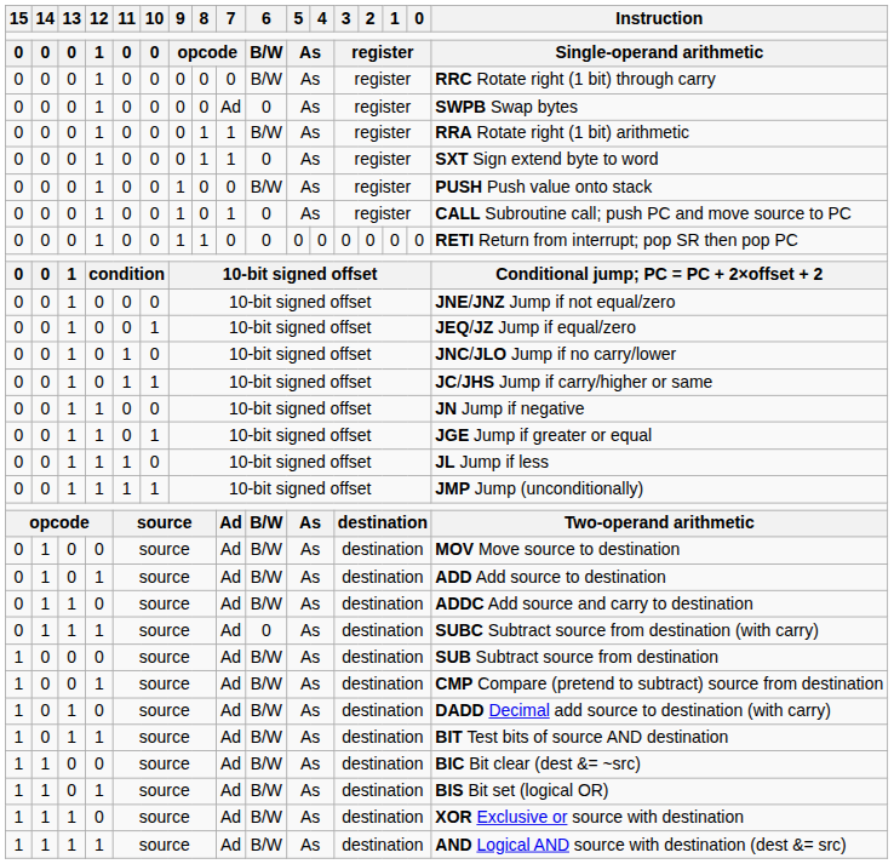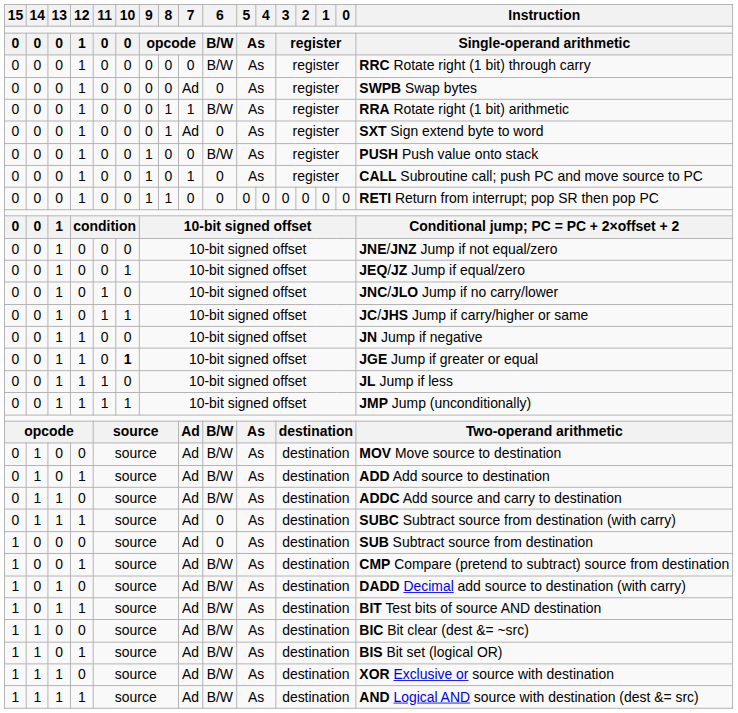 <table class="wikitable" style="text-align:center">
 <tr>
 <th width=15pt>15</th>
 <th width=15pt>14</th>
 <th width=15pt>13</th>
 <th width=15pt>12</th>
 <th width=15pt>11</th>
 <th width=15pt>10</th>
 <th width=15pt>9</th>
 <th width=15pt>8</th>
 <th width=15pt>7</th>
 <th width=15pt>6</th>
 <th width=15pt>5</th>
 <th width=15pt>4</th>
 <th width=15pt>3</th>
 <th width=15pt>2</th>
 <th width=15pt>1</th>
 <th width=15pt>0</th>
 <th>Instruction</th>
 </tr>
 <tr>
 <td colspan=17></td>
 </tr>
 <tr>
 <th>0</th>
 <th>0</th>
 <th>0</th>
 <th>1</th>
 <th>0</th>
 <th>0</th>
 <th colspan=3>opcode</th>
 <th>B/W</th>
 <th colspan=2>As</th>
 <th colspan=4>register</th>
 <th>Single-operand arithmetic</th>
 </tr>
 <tr>
 <td>0</td>
 <td>0</td>
 <td>0</td>
 <td>1</td>
 <td>0</td>
 <td>0</td>
 <td>0</td>
 <td>0</td>
 <td>0</td>
 <td>B/W</td>
 <td colspan=2>As</td>
 <td colspan=4>register</td>
 <td align=left><strong>RRC</strong> Rotate right (1 bit) through carry</td>
 </tr>
 <tr>
 <td>0</td>
 <td>0</td>
 <td>0</td>
 <td>1</td>
 <td>0</td>
 <td>0</td>
 <td>0</td>
 <td>0</td>
 <td>Ad</td>
 <td>0</td>
 <td colspan=2>As</td>
 <td colspan=4>register</td>
 <td align=left><strong>SWPB</strong> Swap bytes</td>
 </tr>
 <tr>
 <td>0</td>
 <td>0</td>
 <td>0</td>
 <td>1</td>
 <td>0</td>
 <td>0</td>
 <td>0</td>
 <td>1</td>
 <td>1</td>
 <td>B/W</td>
 <td colspan=2>As</td>
 <td colspan=4>register</td>
 <td align=left><strong>RRA</strong> Rotate right (1 bit) arithmetic</td>
 </tr>
 <tr>
 <td>0</td>
 <td>0</td>
 <td>0</td>
 <td>1</td>
 <td>0</td>
 <td>0</td>
 <td>0</td>
 <td>1</td>
-<td>1</td>
+<td>Ad</td>
 <td>0</td>
 <td colspan=2>As</td>
 <td colspan=4>register</td>
 <td align=left><strong>SXT</strong> Sign extend byte to word</td>
 </tr>
 <tr>
 <td>0</td>
 <td>0</td>
 <td>0</td>
 <td>1</td>
 <td>0</td>
 <td>0</td>
 <td>1</td>
 <td>0</td>
 <td>0</td>
 <td>B/W</td>
 <td colspan=2>As</td>
 <td colspan=4>register</td>
 <td align=left><strong>PUSH</strong> Push value onto stack</td>
 </tr>
 <tr>
 <td>0</td>
 <td>0</td>
 <td>0</td>
 <td>1</td>
 <td>0</td>
 <td>0</td>
 <td>1</td>
 <td>0</td>
 <td>1</td>
 <td>0</td>
 <td colspan=2>As</td>
 <td colspan=4>register</td>
 <td align=left><strong>CALL</strong> Subroutine call; push PC and move source to PC</td>
 </tr>
 <tr>
 <td>0</td>
 <td>0</td>
 <td>0</td>
 <td>1</td>
 <td>0</td>
 <td>0</td>
 <td>1</td>
 <td>1</td>
 <td>0</td>
 <td>0</td>
 <td>0</td>
 <td>0</td>
 <td>0</td>
 <td>0</td>
 <td>0</td>
 <td>0</td>
 <td align=left><strong>RETI</strong> Return from interrupt; pop SR then pop PC</td>
 </tr>
 <tr>
 <td colspan=17></td>
 </tr>
 <tr>
 <th>0</th>
 <th>0</th>
 <th>1</th>
 <th colspan=3>condition</th>
 <th colspan=10>10-bit signed offset</th>
 <th>Conditional jump; PC = PC + 2×offset + 2</th>
 </tr>
 <tr>
 <td>0</td>
 <td>0</td>
 <td>1</td>
 <td>0</td>
 <td>0</td>
 <td>0</td>
 <td colspan=10>10-bit signed offset</td>
 <td align=left><strong>JNE</strong>/<strong>JNZ</strong> Jump if not equal/zero</td>
 </tr>
 <tr>
 <td>0</td>
 <td>0</td>
 <td>1</td>
 <td>0</td>
 <td>0</td>
 <td>1</td>
 <td colspan=10>10-bit signed offset</td>
 <td align=left><strong>JEQ</strong>/<strong>JZ</strong> Jump if equal/zero</td>
 </tr>
 <tr>
 <td>0</td>
 <td>0</td>
 <td>1</td>
 <td>0</td>
 <td>1</td>
 <td>0</td>
 <td colspan=10>10-bit signed offset</td>
 <td align=left><strong>JNC</strong>/<strong>JLO</strong> Jump if no carry/lower</td>
 </tr>
 <tr>
 <td>0</td>
 <td>0</td>
 <td>1</td>
 <td>0</td>
 <td>1</td>
 <td>1</td>
 <td colspan=10>10-bit signed offset</td>
 <td align=left><strong>JC</strong>/<strong>JHS</strong> Jump if carry/higher or same</td>
 </tr>
 <tr>
 <td>0</td>
 <td>0</td>
 <td>1</td>
 <td>1</td>
 <td>0</td>
 <td>0</td>
 <td colspan=10>10-bit signed offset</td>
 <td align=left><strong>JN</strong> Jump if negative</td>
 </tr>
 <tr>
 <td>0</td>
 <td>0</td>
 <td>1</td>
 <td>1</td>
 <td>0</td>
-<td>1</td>
+<td><strong>1</strong></td>
 <td colspan=10>10-bit signed offset</td>
 <td align=left><strong>JGE</strong> Jump if greater or equal</td>
 </tr>
 <tr>
 <td>0</td>
 <td>0</td>
 <td>1</td>
 <td>1</td>
 <td>1</td>
 <td>0</td>
 <td colspan=10>10-bit signed offset</td>
 <td align=left><strong>JL</strong> Jump if less</td>
 </tr>
 <tr>
 <td>0</td>
 <td>0</td>
 <td>1</td>
 <td>1</td>
 <td>1</td>
 <td>1</td>
 <td colspan=10>10-bit signed offset</td>
 <td align=left><strong>JMP</strong> Jump (unconditionally)</td>
 </tr>
 <tr>
 <td colspan=17></td>
 </tr>
 <tr>
 <th colspan=4>opcode</th>
 <th colspan=4>source</th>
 <th>Ad</th>
 <th>B/W</th>
 <th colspan=2>As</th>
 <th colspan=4>destination</th>
 <th>Two-operand arithmetic</th>
 </tr>
 <tr>
 <td>0</td>
 <td>1</td>
 <td>0</td>
 <td>0</td>
 <td colspan=4>source</td>
 <td>Ad</td>
 <td>B/W</td>
 <td colspan=2>As</td>
 <td colspan=4>destination</td>
 <td align=left><strong>MOV</strong> Move source to destination</td>
 </tr>
 <tr>
 <td>0</td>
 <td>1</td>
 <td>0</td>
 <td>1</td>
 <td colspan=4>source</td>
 <td>Ad</td>
 <td>B/W</td>
 <td colspan=2>As</td>
 <td colspan=4>destination</td>
 <td align=left><strong>ADD</strong> Add source to destination</td>
 </tr>
 <tr>
 <td>0</td>
 <td>1</td>
 <td>1</td>
 <td>0</td>
 <td colspan=4>source</td>
 <td>Ad</td>
 <td>B/W</td>
 <td colspan=2>As</td>
 <td colspan=4>destination</td>
 <td align=left><strong>ADDC</strong> Add source and carry to destination</td>
 </tr>
 <tr>
 <td>0</td>
 <td>1</td>
 <td>1</td>
 <td>1</td>
 <td colspan=4>source</td>
 <td>Ad</td>
 <td>0</td>
 <td colspan=2>As</td>
 <td colspan=4>destination</td>
 <td align=left><strong>SUBC</strong> Subtract source from destination (with carry)</td>
 </tr>
 <tr>
 <td>1</td>
 <td>0</td>
 <td>0</td>
 <td>0</td>
 <td colspan=4>source</td>
 <td>Ad</td>
-<td>B/W</td>
+<td>0</td>
 <td colspan=2>As</td>
 <td colspan=4>destination</td>
 <td align=left><strong>SUB</strong> Subtract source from destination</td>
 </tr>
 <tr>
 <td>1</td>
 <td>0</td>
 <td>0</td>
 <td>1</td>
 <td colspan=4>source</td>
 <td>Ad</td>
 <td>B/W</td>
 <td colspan=2>As</td>
 <td colspan=4>destination</td>
 <td align=left><strong>CMP</strong> Compare (pretend to subtract) source from destination</td>
 </tr>
 <tr>
 <td>1</td>
 <td>0</td>
 <td>1</td>
 <td>0</td>
 <td colspan=4>source</td>
 <td>Ad</td>
 <td>B/W</td>
 <td colspan=2>As</td>
 <td colspan=4>destination</td>
 <td align=left><strong>DADD</strong> <a href='#'>Decimal</a> add source to destination (with carry)</td>
 </tr>
 <tr>
 <td>1</td>
 <td>0</td>
 <td>1</td>
 <td>1</td>
 <td colspan=4>source</td>
 <td>Ad</td>
 <td>B/W</td>
 <td colspan=2>As</td>
 <td colspan=4>destination</td>
 <td align=left><strong>BIT</strong> Test bits of source AND destination</td>
 </tr>
 <tr>
 <td>1</td>
 <td>1</td>
 <td>0</td>
 <td>0</td>
 <td colspan=4>source</td>
 <td>Ad</td>
 <td>B/W</td>
 <td colspan=2>As</td>
 <td colspan=4>destination</td>
 <td align=left><strong>BIC</strong> Bit clear (dest &= ~src)</td>
 </tr>
 <tr>
 <td>1</td>
 <td>1</td>
 <td>0</td>
 <td>1</td>
 <td colspan=4>source</td>
 <td>Ad</td>
 <td>B/W</td>
 <td colspan=2>As</td>
 <td colspan=4>destination</td>
 <td align=left><strong>BIS</strong> Bit set (logical OR)</td>
 </tr>
 <tr>
 <td>1</td>
 <td>1</td>
 <td>1</td>
 <td>0</td>
 <td colspan=4>source</td>
 <td>Ad</td>
 <td>B/W</td>
 <td colspan=2>As</td>
 <td colspan=4>destination</td>
 <td align=left><strong>XOR</strong> <a href='#'>Exclusive or</a> source with destination</td>
 </tr>
 <tr>
 <td>1</td>
 <td>1</td>
 <td>1</td>
 <td>1</td>
 <td colspan=4>source</td>
 <td>Ad</td>
 <td>B/W</td>
 <td colspan=2>As</td>
 <td colspan=4>destination</td>
 <td align=left><strong>AND</strong> <a href='#'>Logical AND</a> source with destination (dest &= src)</td>
 </tr>
 </table>
